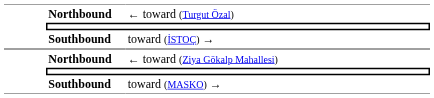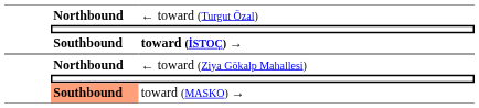 <table table border=0 cellspacing=0 cellpadding=3>
 <tr>
 <td style="border-top:solid 1px gray;border-bottom:solid 1px gray;" width=50 rowspan=3 valign=top></td>
 <td style="border-top:solid 1px gray;" width=100><strong>Northbound</strong></td>
 <td style="border-top:solid 1px gray;" width=400>←  toward  <small>(<a href='#'>Turgut Özal</a>)</small></td>
 </tr>
 <tr>
 <td style="border-top:solid 2px black;border-right:solid 2px black;border-left:solid 2px black;border-bottom:solid 2px black;text-align:center;" colspan=2></td>
 </tr>
 <tr>
 <td style="border-bottom:solid 1px gray;"><strong>Southbound</strong></td>
-<td style="border-bottom:solid 1px gray;"> toward  <small>(<a href='#'>İSTOÇ</a>)</small> →</td>
+<td style="border-bottom:solid 1px gray;"><strong> toward  <small>(<a href='#'>İSTOÇ</a>)</small> →</strong></td>
 </tr>
 <tr>
 <td style="border-top:solid 1px gray;border-bottom:solid 1px gray;" width=50 rowspan=3 valign=top></td>
 <td style="border-top:solid 1px gray;" width=100><strong>Northbound</strong></td>
 <td style="border-top:solid 1px gray;" width=400>←  toward  <small>(<a href='#'>Ziya Gökalp Mahallesi</a>)</small></td>
 </tr>
 <tr>
 <td style="border-top:solid 2px black;border-right:solid 2px black;border-left:solid 2px black;border-bottom:solid 2px black;text-align:center;" colspan=2></td>
 </tr>
 <tr>
-<td style="border-bottom:solid 1px gray;"><strong>Southbound</strong></td>
+<td style="background: lightsalmon; border-bottom:solid 1px gray;"><strong>Southbound</strong></td>
 <td style="border-bottom:solid 1px gray;"> toward  <small>(<a href='#'>MASKO</a>)</small> →</td>
 </tr>
 </table>
